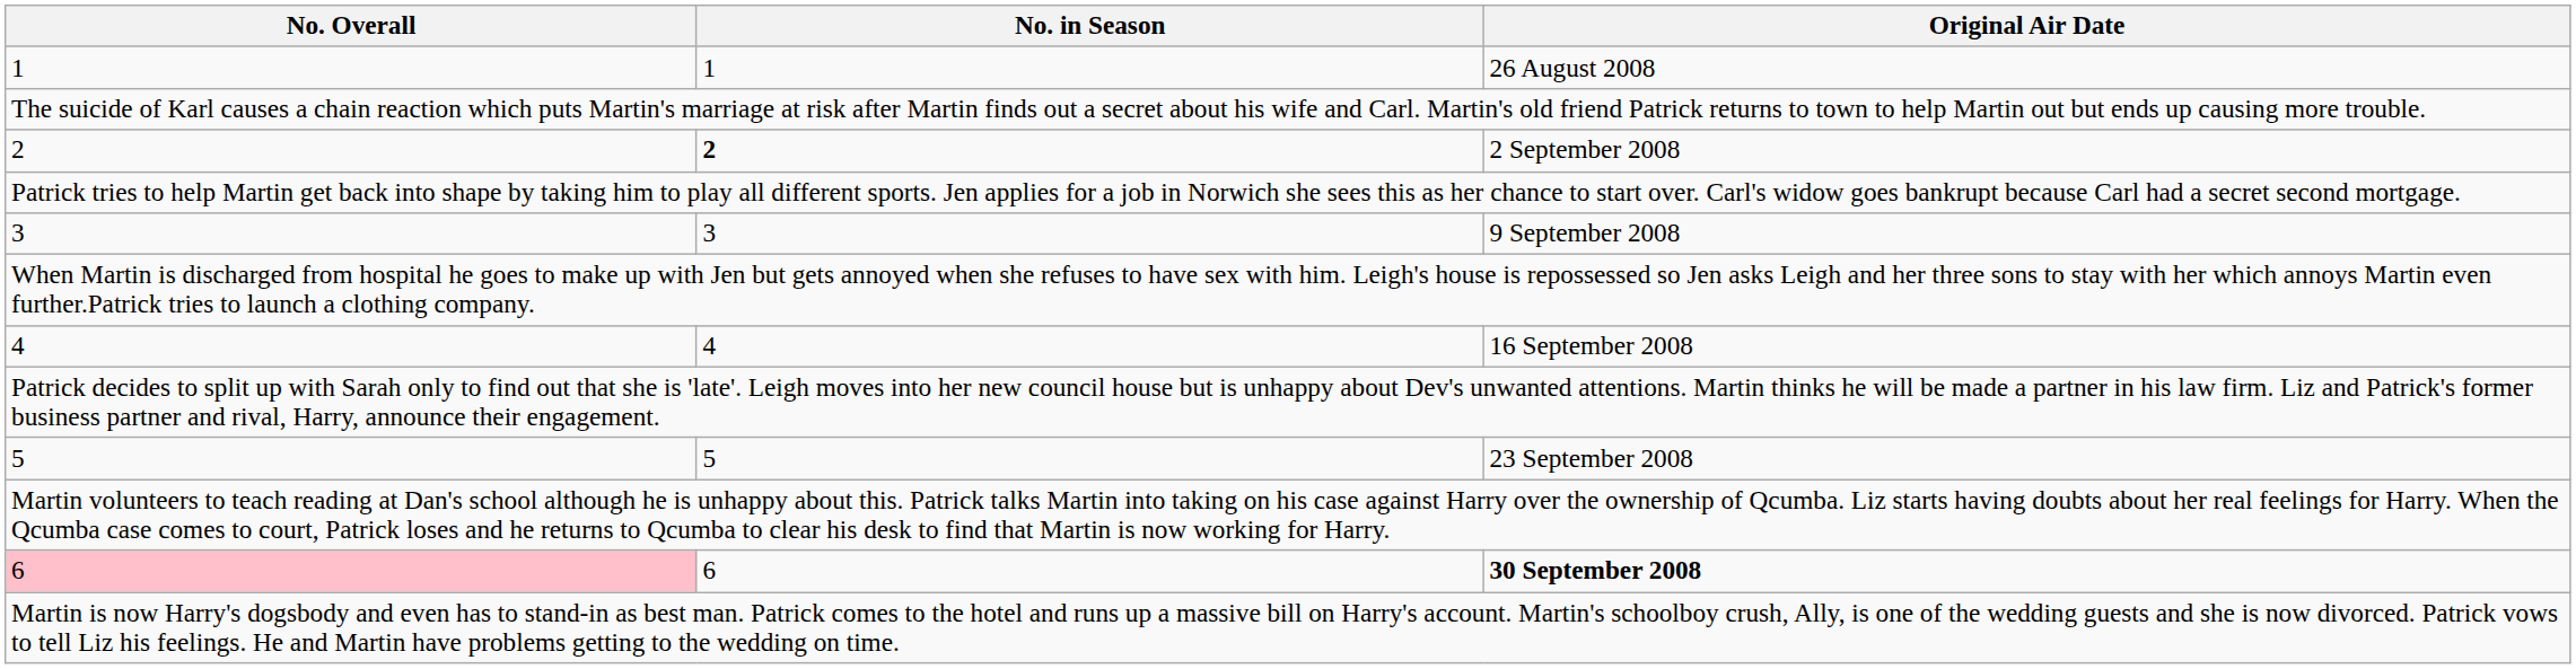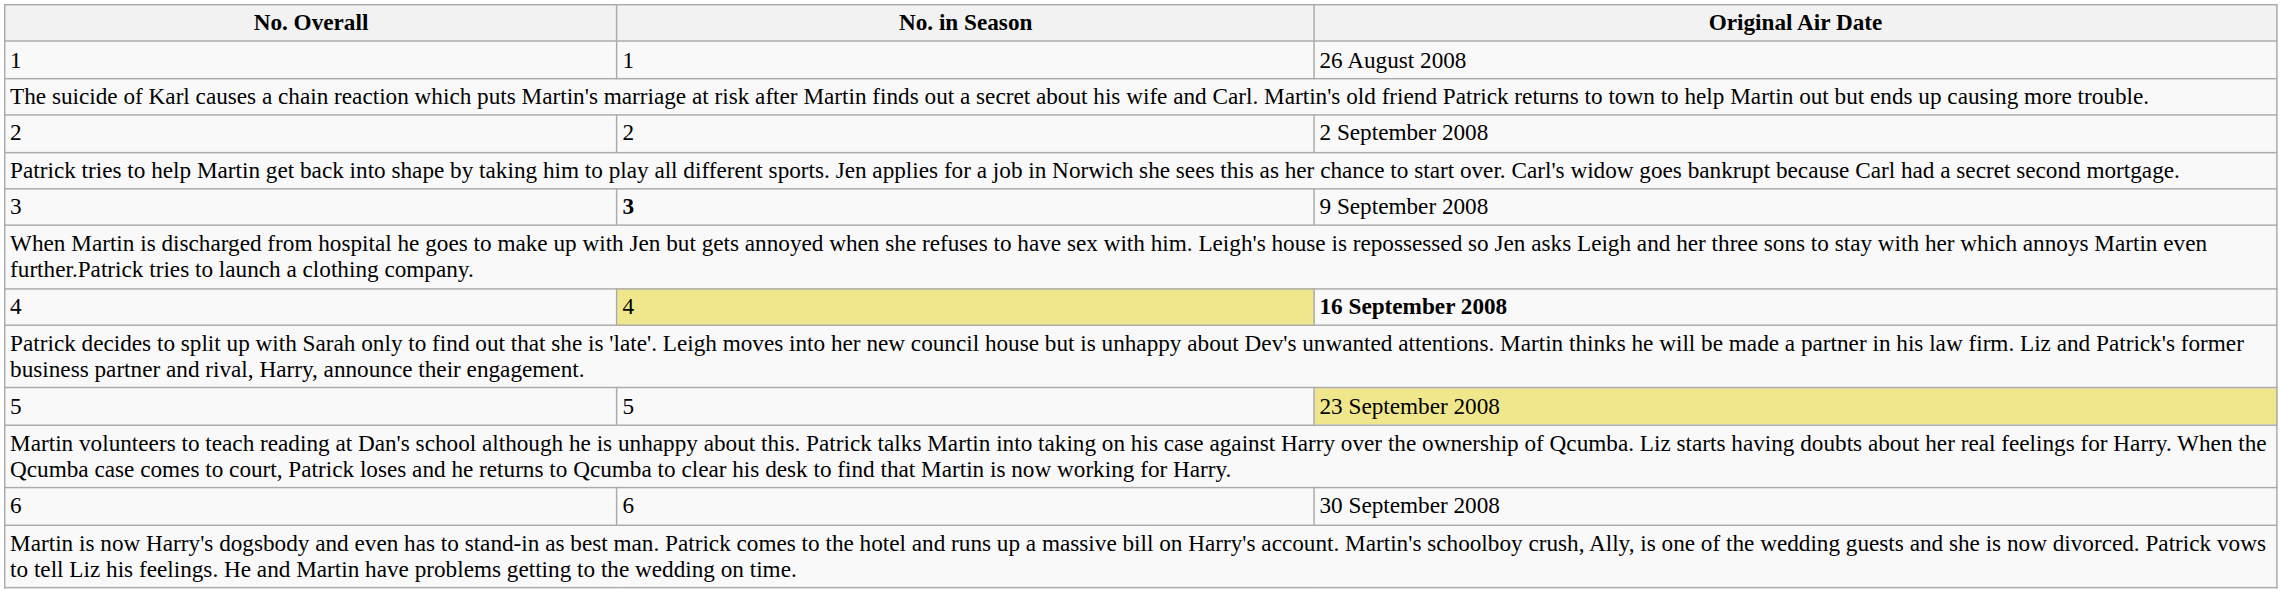 <table class="wikitable">
 <tr>
 <th>No. Overall</th>
 <th>No. in Season</th>
 <th>Original Air Date</th>
 </tr>
 <tr>
 <td>1</td>
 <td>1</td>
 <td>26 August 2008</td>
 </tr>
 <tr>
 <td colspan="3">The suicide of Karl causes a chain reaction which puts Martin's marriage at risk after Martin finds out a secret about his wife and Carl. Martin's old friend Patrick returns to town to help Martin out but ends up causing more trouble.</td>
 </tr>
 <tr>
 <td>2</td>
-<td><strong>2</strong></td>
+<td>2</td>
 <td>2 September 2008</td>
 </tr>
 <tr>
 <td colspan="3">Patrick tries to help Martin get back into shape by taking him to play all different sports. Jen applies for a job in Norwich she sees this as her chance to start over. Carl's widow goes bankrupt because Carl had a secret second mortgage.</td>
 </tr>
 <tr>
 <td>3</td>
-<td>3</td>
+<td><strong>3</strong></td>
 <td>9 September 2008</td>
 </tr>
 <tr>
 <td colspan="3">When Martin is discharged from hospital he goes to make up with Jen but gets annoyed when she refuses to have sex with him. Leigh's house is repossessed so Jen asks Leigh and her three sons to stay with her which annoys Martin even further.Patrick tries to launch a clothing company.</td>
 </tr>
 <tr>
 <td>4</td>
-<td>4</td>
-<td>16 September 2008</td>
+<td style="background: khaki;">4</td>
+<td><strong>16 September 2008</strong></td>
 </tr>
 <tr>
 <td colspan="3">Patrick decides to split up with Sarah only to find out that she is 'late'. Leigh moves into her new council house but is unhappy about Dev's unwanted attentions. Martin thinks he will be made a partner in his law firm. Liz and Patrick's former business partner and rival, Harry, announce their engagement.</td>
 </tr>
 <tr>
 <td>5</td>
 <td>5</td>
-<td>23 September 2008</td>
+<td style="background: khaki;">23 September 2008</td>
 </tr>
 <tr>
 <td colspan="3">Martin volunteers to teach reading at Dan's school although he is unhappy about this. Patrick talks Martin into taking on his case against Harry over the ownership of Qcumba. Liz starts having doubts about her real feelings for Harry. When the Qcumba case comes to court, Patrick loses and he returns to Qcumba to clear his desk to find that Martin is now working for Harry.</td>
 </tr>
 <tr>
-<td style="background: pink;">6</td>
 <td>6</td>
-<td><strong>30 September 2008</strong></td>
+<td>6</td>
+<td>30 September 2008</td>
 </tr>
 <tr>
 <td colspan="3">Martin is now Harry's dogsbody and even has to stand-in as best man. Patrick comes to the hotel and runs up a massive bill on Harry's account. Martin's schoolboy crush, Ally, is one of the wedding guests and she is now divorced. Patrick vows to tell Liz his feelings. He and Martin have problems getting to the wedding on time.</td>
 </tr>
 </table>
